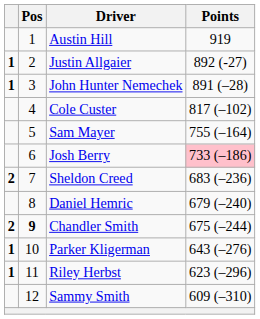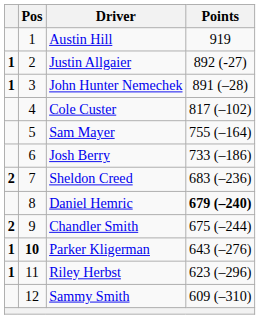 <table class="wikitable" style="font-size: 95%;">
 <tr>
 <th></th>
 <th>Pos</th>
 <th>Driver</th>
 <th>Points</th>
 </tr>
 <tr>
 <td align="left"></td>
 <td style="text-align:center;">1</td>
 <td><a href='#'>Austin Hill</a></td>
 <td style="text-align:center;">919</td>
 </tr>
 <tr>
 <td align="left"> <strong>1</strong></td>
 <td style="text-align:center;">2</td>
 <td><a href='#'>Justin Allgaier</a></td>
 <td style="text-align:center;">892 (-27)</td>
 </tr>
 <tr>
 <td align="left"> <strong>1</strong></td>
 <td style="text-align:center;">3</td>
 <td><a href='#'>John Hunter Nemechek</a></td>
 <td style="text-align:center;">891 (–28)</td>
 </tr>
 <tr>
 <td align="left"></td>
 <td style="text-align:center;">4</td>
 <td><a href='#'>Cole Custer</a></td>
 <td style="text-align:center;">817 (–102)</td>
 </tr>
 <tr>
 <td align="left"></td>
 <td style="text-align:center;">5</td>
 <td><a href='#'>Sam Mayer</a></td>
 <td style="text-align:center;">755 (–164)</td>
 </tr>
 <tr>
 <td align="left"></td>
 <td style="text-align:center;">6</td>
 <td><a href='#'>Josh Berry</a></td>
-<td style="background: pink; text-align:center;">733 (–186)</td>
+<td style="text-align:center;">733 (–186)</td>
 </tr>
 <tr>
 <td align="left"> <strong>2</strong></td>
 <td style="text-align:center;">7</td>
 <td><a href='#'>Sheldon Creed</a></td>
 <td style="text-align:center;">683 (–236)</td>
 </tr>
 <tr>
 <td align="left"></td>
 <td style="text-align:center;">8</td>
 <td><a href='#'>Daniel Hemric</a></td>
-<td style="text-align:center;">679 (–240)</td>
+<td style="text-align:center;"><strong>679 (–240)</strong></td>
 </tr>
 <tr>
 <td align="left"> <strong>2</strong></td>
-<td style="text-align:center;"><strong>9</strong></td>
+<td style="text-align:center;">9</td>
 <td><a href='#'>Chandler Smith</a></td>
 <td style="text-align:center;">675 (–244)</td>
 </tr>
 <tr>
 <td align="left"> <strong>1</strong></td>
-<td style="text-align:center;">10</td>
+<td style="text-align:center;"><strong>10</strong></td>
 <td><a href='#'>Parker Kligerman</a></td>
 <td style="text-align:center;">643 (–276)</td>
 </tr>
 <tr>
 <td align="left"> <strong>1</strong></td>
 <td style="text-align:center;">11</td>
 <td><a href='#'>Riley Herbst</a></td>
 <td style="text-align:center;">623 (–296)</td>
 </tr>
 <tr>
 <td align="left"></td>
 <td style="text-align:center;">12</td>
 <td><a href='#'>Sammy Smith</a></td>
 <td style="text-align:center;">609 (–310)</td>
 </tr>
 <tr class="sortbottom">
 <th colspan="9"></th>
 </tr>
 </table>
